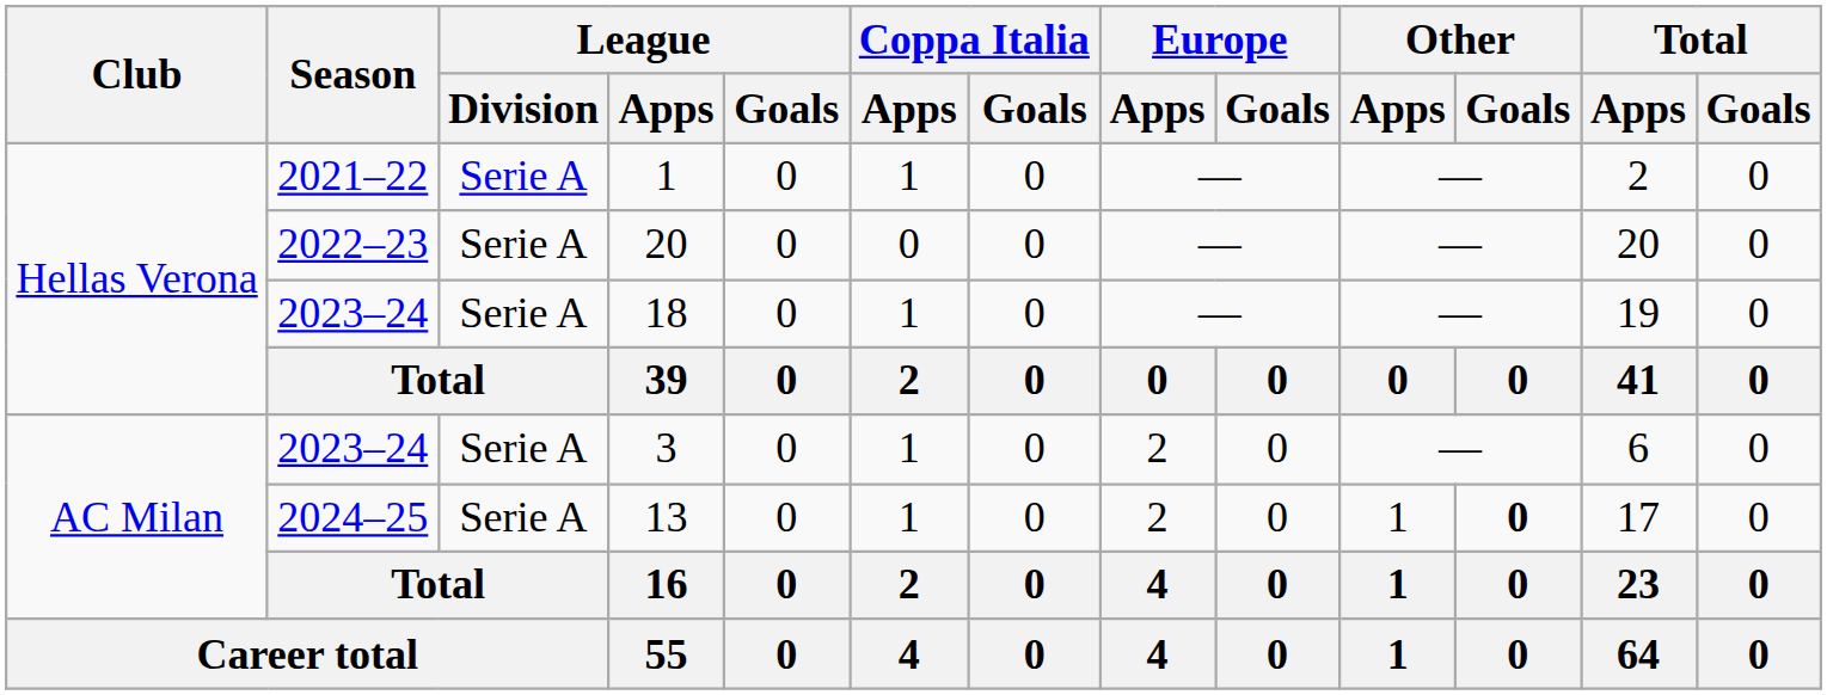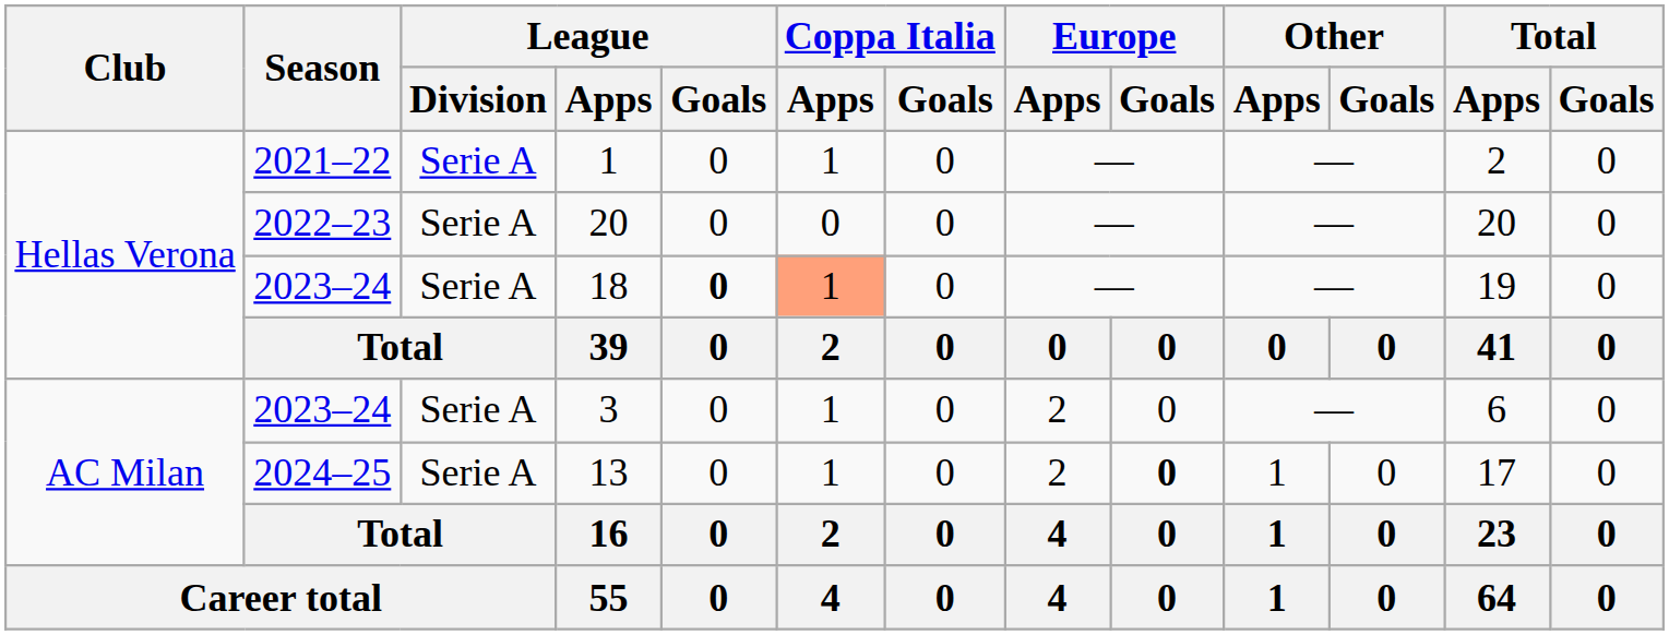 <table class="wikitable" style="text-align:center">
 <tr>
 <th rowspan="2">Club</th>
 <th rowspan="2">Season</th>
 <th colspan="3">League</th>
 <th colspan="2"><a href='#'>Coppa Italia</a></th>
 <th colspan="2"><a href='#'>Europe</a></th>
 <th colspan="2">Other</th>
 <th colspan="2">Total</th>
 </tr>
 <tr>
 <th>Division</th>
 <th>Apps</th>
 <th>Goals</th>
 <th>Apps</th>
 <th>Goals</th>
 <th>Apps</th>
 <th>Goals</th>
 <th>Apps</th>
 <th>Goals</th>
 <th>Apps</th>
 <th>Goals</th>
 </tr>
 <tr>
 <td rowspan="4"><a href='#'>Hellas Verona</a></td>
 <td><a href='#'>2021–22</a></td>
 <td><a href='#'>Serie A</a></td>
 <td>1</td>
 <td>0</td>
 <td>1</td>
 <td>0</td>
 <td colspan="2">—</td>
 <td colspan="2">—</td>
 <td>2</td>
 <td>0</td>
 </tr>
 <tr>
 <td><a href='#'>2022–23</a></td>
 <td>Serie A</td>
 <td>20</td>
 <td>0</td>
 <td>0</td>
 <td>0</td>
 <td colspan="2">—</td>
 <td colspan="2">—</td>
 <td>20</td>
 <td>0</td>
 </tr>
 <tr>
 <td><a href='#'>2023–24</a></td>
 <td>Serie A</td>
 <td>18</td>
-<td>0</td>
-<td>1</td>
+<td><strong>0</strong></td>
+<td style="background: lightsalmon;">1</td>
 <td>0</td>
 <td colspan="2">—</td>
 <td colspan="2">—</td>
 <td>19</td>
 <td>0</td>
 </tr>
 <tr>
 <th colspan="2">Total</th>
 <th>39</th>
 <th>0</th>
 <th>2</th>
 <th>0</th>
 <th>0</th>
 <th>0</th>
 <th>0</th>
 <th>0</th>
 <th>41</th>
 <th>0</th>
 </tr>
 <tr>
 <td rowspan="3"><a href='#'>AC Milan</a></td>
 <td><a href='#'>2023–24</a></td>
 <td>Serie A</td>
 <td>3</td>
 <td>0</td>
 <td>1</td>
 <td>0</td>
 <td>2</td>
 <td>0</td>
 <td colspan="2">—</td>
 <td>6</td>
 <td>0</td>
 </tr>
 <tr>
 <td><a href='#'>2024–25</a></td>
 <td>Serie A</td>
 <td>13</td>
 <td>0</td>
 <td>1</td>
 <td>0</td>
 <td>2</td>
+<td><strong>0</strong></td>
+<td>1</td>
 <td>0</td>
-<td>1</td>
-<td><strong>0</strong></td>
 <td>17</td>
 <td>0</td>
 </tr>
 <tr>
 <th colspan="2">Total</th>
 <th>16</th>
 <th>0</th>
 <th>2</th>
 <th>0</th>
 <th>4</th>
 <th>0</th>
 <th>1</th>
 <th>0</th>
 <th>23</th>
 <th>0</th>
 </tr>
 <tr>
 <th colspan="3">Career total</th>
 <th>55</th>
 <th>0</th>
 <th>4</th>
 <th>0</th>
 <th>4</th>
 <th>0</th>
 <th>1</th>
 <th>0</th>
 <th>64</th>
 <th>0</th>
 </tr>
 </table>
